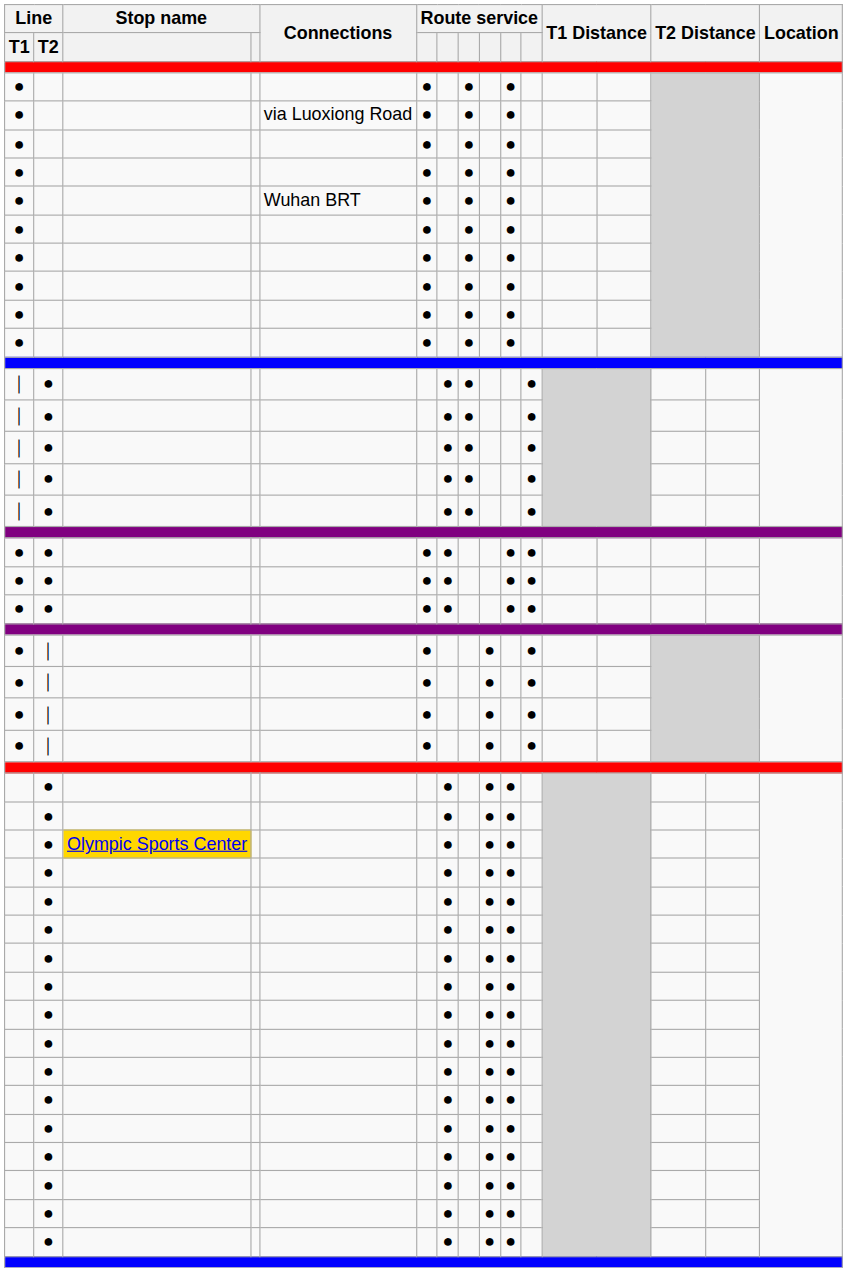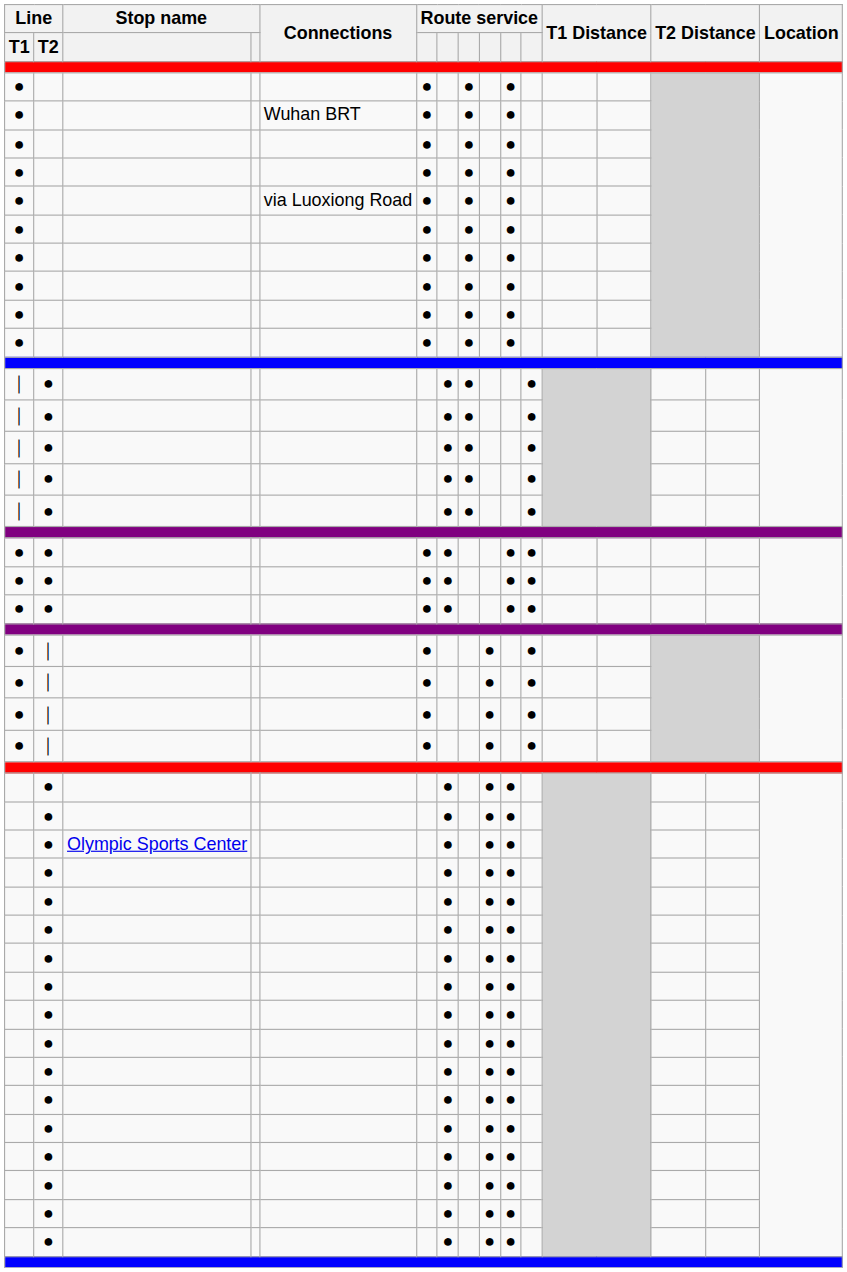 <table class="wikitable">
 <tr>
 <th colspan="2">Line</th>
 <th colspan="2">Stop name</th>
 <th rowspan="2">Connections</th>
 <th colspan="6">Route service</th>
 <th colspan="2" rowspan="2">T1 Distance<br></th>
 <th colspan="2" rowspan="2">T2 Distance<br></th>
 <th rowspan="2">Location</th>
 </tr>
 <tr>
 <th>T1</th>
 <th>T2</th>
 <th></th>
 <th></th>
 <th></th>
 <th></th>
 <th></th>
 <th></th>
 <th></th>
 <th></th>
 </tr>
 <tr>
 <td colspan = "16" style = "background:red; height: 2pt"></td>
 </tr>
 <tr>
 <td align="center">●</td>
 <td align="center"></td>
 <td></td>
 <td></td>
 <td> </td>
 <td align="center">●</td>
 <td align="center"></td>
 <td align="center">●</td>
 <td align="center"></td>
 <td align="center">●</td>
 <td align="center"></td>
 <td></td>
 <td></td>
 <td colspan="2" rowspan="10" bgcolor="lightgrey"></td>
 </tr>
 <tr>
 <td align="center">●</td>
 <td align="center"></td>
 <td></td>
 <td></td>
-<td>  via Luoxiong Road</td>
+<td> Wuhan BRT</td>
 <td align="center">●</td>
 <td align="center"></td>
 <td align="center">●</td>
 <td align="center"></td>
 <td align="center">●</td>
 <td align="center"></td>
 <td></td>
 <td></td>
 </tr>
 <tr>
 <td align="center">●</td>
 <td align="center"></td>
 <td></td>
 <td></td>
 <td></td>
 <td align="center">●</td>
 <td align="center"></td>
 <td align="center">●</td>
 <td align="center"></td>
 <td align="center">●</td>
 <td align="center"></td>
 <td></td>
 <td></td>
 </tr>
 <tr>
 <td align="center">●</td>
 <td align="center"></td>
 <td></td>
 <td></td>
 <td></td>
 <td align="center">●</td>
 <td align="center"></td>
 <td align="center">●</td>
 <td align="center"></td>
 <td align="center">●</td>
 <td align="center"></td>
 <td></td>
 <td></td>
 </tr>
 <tr>
 <td align="center">●</td>
 <td align="center"></td>
 <td></td>
 <td></td>
-<td> Wuhan BRT</td>
+<td>  via Luoxiong Road</td>
 <td align="center">●</td>
 <td align="center"></td>
 <td align="center">●</td>
 <td align="center"></td>
 <td align="center">●</td>
 <td align="center"></td>
 <td></td>
 <td></td>
 </tr>
 <tr>
 <td align="center">●</td>
 <td align="center"></td>
 <td></td>
 <td></td>
 <td></td>
 <td align="center">●</td>
 <td align="center"></td>
 <td align="center">●</td>
 <td align="center"></td>
 <td align="center">●</td>
 <td align="center"></td>
 <td></td>
 <td></td>
 </tr>
 <tr>
 <td align="center">●</td>
 <td align="center"></td>
 <td></td>
 <td></td>
 <td></td>
 <td align="center">●</td>
 <td align="center"></td>
 <td align="center">●</td>
 <td align="center"></td>
 <td align="center">●</td>
 <td align="center"></td>
 <td></td>
 <td></td>
 </tr>
 <tr>
 <td align="center">●</td>
 <td align="center"></td>
 <td></td>
 <td></td>
 <td></td>
 <td align="center">●</td>
 <td align="center"></td>
 <td align="center">●</td>
 <td align="center"></td>
 <td align="center">●</td>
 <td align="center"></td>
 <td></td>
 <td></td>
 </tr>
 <tr>
 <td align="center">●</td>
 <td align="center"></td>
 <td></td>
 <td></td>
 <td></td>
 <td align="center">●</td>
 <td align="center"></td>
 <td align="center">●</td>
 <td align="center"></td>
 <td align="center">●</td>
 <td align="center"></td>
 <td></td>
 <td></td>
 </tr>
 <tr>
 <td align="center">●</td>
 <td align="center"></td>
 <td></td>
 <td></td>
 <td></td>
 <td align="center">●</td>
 <td align="center"></td>
 <td align="center">●</td>
 <td align="center"></td>
 <td align="center">●</td>
 <td align="center"></td>
 <td></td>
 <td></td>
 </tr>
 <tr>
 <td colspan = "16" style = "background:blue; height: 2pt"></td>
 </tr>
 <tr>
 <td align="center">｜</td>
 <td align="center">●</td>
 <td></td>
 <td></td>
 <td></td>
 <td align="center"></td>
 <td align="center">●</td>
 <td align="center">●</td>
 <td align="center"></td>
 <td align="center"></td>
 <td align="center">●</td>
 <td colspan="2" rowspan="5" bgcolor="lightgrey"></td>
 <td></td>
 <td></td>
 </tr>
 <tr>
 <td align="center">｜</td>
 <td align="center">●</td>
 <td></td>
 <td></td>
 <td></td>
 <td align="center"></td>
 <td align="center">●</td>
 <td align="center">●</td>
 <td align="center"></td>
 <td align="center"></td>
 <td align="center">●</td>
 <td></td>
 <td></td>
 </tr>
 <tr>
 <td align="center">｜</td>
 <td align="center">●</td>
 <td></td>
 <td></td>
 <td></td>
 <td align="center"></td>
 <td align="center">●</td>
 <td align="center">●</td>
 <td align="center"></td>
 <td align="center"></td>
 <td align="center">●</td>
 <td></td>
 <td></td>
 </tr>
 <tr>
 <td align="center">｜</td>
 <td align="center">●</td>
 <td></td>
 <td></td>
 <td></td>
 <td align="center"></td>
 <td align="center">●</td>
 <td align="center">●</td>
 <td align="center"></td>
 <td align="center"></td>
 <td align="center">●</td>
 <td></td>
 <td></td>
 </tr>
 <tr>
 <td align="center">｜</td>
 <td align="center">●</td>
 <td></td>
 <td></td>
 <td></td>
 <td align="center"></td>
 <td align="center">●</td>
 <td align="center">●</td>
 <td align="center"></td>
 <td align="center"></td>
 <td align="center">●</td>
 <td></td>
 <td></td>
 </tr>
 <tr>
 <td colspan = "16" style = "background:purple; height: 2pt"></td>
 </tr>
 <tr>
 <td align="center">●</td>
 <td align="center">●</td>
 <td></td>
 <td></td>
 <td></td>
 <td align="center">●</td>
 <td align="center">●</td>
 <td align="center"></td>
 <td align="center"></td>
 <td align="center">●</td>
 <td align="center">●</td>
 <td></td>
 <td></td>
 <td></td>
 <td></td>
 </tr>
 <tr>
 <td align="center">●</td>
 <td align="center">●</td>
 <td></td>
 <td></td>
 <td></td>
 <td align="center">●</td>
 <td align="center">●</td>
 <td align="center"></td>
 <td align="center"></td>
 <td align="center">●</td>
 <td align="center">●</td>
 <td></td>
 <td></td>
 <td></td>
 <td></td>
 </tr>
 <tr>
 <td align="center">●</td>
 <td align="center">●</td>
 <td></td>
 <td></td>
 <td></td>
 <td align="center">●</td>
 <td align="center">●</td>
 <td align="center"></td>
 <td align="center"></td>
 <td align="center">●</td>
 <td align="center">●</td>
 <td></td>
 <td></td>
 <td></td>
 <td></td>
 </tr>
 <tr>
 <td colspan = "16" style = "background:purple; height: 2pt"></td>
 </tr>
 <tr>
 <td align="center">●</td>
 <td align="center">｜</td>
 <td></td>
 <td></td>
 <td></td>
 <td align="center">●</td>
 <td align="center"></td>
 <td align="center"></td>
 <td align="center">●</td>
 <td align="center"></td>
 <td align="center">●</td>
 <td></td>
 <td></td>
 <td colspan="2" rowspan="4" bgcolor="lightgrey"></td>
 </tr>
 <tr>
 <td align="center">●</td>
 <td align="center">｜</td>
 <td></td>
 <td></td>
 <td></td>
 <td align="center">●</td>
 <td align="center"></td>
 <td align="center"></td>
 <td align="center">●</td>
 <td align="center"></td>
 <td align="center">●</td>
 <td></td>
 <td></td>
 </tr>
 <tr>
 <td align="center">●</td>
 <td align="center">｜</td>
 <td></td>
 <td></td>
 <td></td>
 <td align="center">●</td>
 <td align="center"></td>
 <td align="center"></td>
 <td align="center">●</td>
 <td align="center"></td>
 <td align="center">●</td>
 <td></td>
 <td></td>
 </tr>
 <tr>
 <td align="center">●</td>
 <td align="center">｜</td>
 <td></td>
 <td></td>
 <td> </td>
 <td align="center">●</td>
 <td align="center"></td>
 <td align="center"></td>
 <td align="center">●</td>
 <td align="center"></td>
 <td align="center">●</td>
 <td></td>
 <td></td>
 </tr>
 <tr>
 <td colspan = "16" style = "background:red; height: 2pt"></td>
 </tr>
 <tr>
 <td align="center"></td>
 <td align="center">●</td>
 <td></td>
 <td></td>
 <td></td>
 <td align="center"></td>
 <td align="center">●</td>
 <td align="center"></td>
 <td align="center">●</td>
 <td align="center">●</td>
 <td align="center"></td>
 <td colspan="2" rowspan="17" bgcolor="lightgrey"></td>
 <td></td>
 <td></td>
 </tr>
 <tr>
 <td align="center"></td>
 <td align="center">●</td>
 <td></td>
 <td></td>
 <td></td>
 <td align="center"></td>
 <td align="center">●</td>
 <td align="center"></td>
 <td align="center">●</td>
 <td align="center">●</td>
 <td align="center"></td>
 <td></td>
 <td></td>
 </tr>
 <tr>
 <td align="center"></td>
 <td align="center">●</td>
-<td style="background: gold;"><a href='#'>Olympic Sports Center</a></td>
+<td><a href='#'>Olympic Sports Center</a></td>
 <td></td>
 <td></td>
 <td align="center"></td>
 <td align="center">●</td>
 <td align="center"></td>
 <td align="center">●</td>
 <td align="center">●</td>
 <td align="center"></td>
 <td></td>
 <td></td>
 </tr>
 <tr>
 <td align="center"></td>
 <td align="center">●</td>
 <td></td>
 <td></td>
 <td></td>
 <td align="center"></td>
 <td align="center">●</td>
 <td align="center"></td>
 <td align="center">●</td>
 <td align="center">●</td>
 <td align="center"></td>
 <td></td>
 <td></td>
 </tr>
 <tr>
 <td align="center"></td>
 <td align="center">●</td>
 <td></td>
 <td></td>
 <td></td>
 <td align="center"></td>
 <td align="center">●</td>
 <td align="center"></td>
 <td align="center">●</td>
 <td align="center">●</td>
 <td align="center"></td>
 <td></td>
 <td></td>
 </tr>
 <tr>
 <td align="center"></td>
 <td align="center">●</td>
 <td></td>
 <td></td>
 <td></td>
 <td align="center"></td>
 <td align="center">●</td>
 <td align="center"></td>
 <td align="center">●</td>
 <td align="center">●</td>
 <td align="center"></td>
 <td></td>
 <td></td>
 </tr>
 <tr>
 <td align="center"></td>
 <td align="center">●</td>
 <td></td>
 <td></td>
 <td></td>
 <td align="center"></td>
 <td align="center">●</td>
 <td align="center"></td>
 <td align="center">●</td>
 <td align="center">●</td>
 <td align="center"></td>
 <td></td>
 <td></td>
 </tr>
 <tr>
 <td align="center"></td>
 <td align="center">●</td>
 <td></td>
 <td></td>
 <td></td>
 <td align="center"></td>
 <td align="center">●</td>
 <td align="center"></td>
 <td align="center">●</td>
 <td align="center">●</td>
 <td align="center"></td>
 <td></td>
 <td></td>
 </tr>
 <tr>
 <td align="center"></td>
 <td align="center">●</td>
 <td></td>
 <td></td>
 <td></td>
 <td align="center"></td>
 <td align="center">●</td>
 <td align="center"></td>
 <td align="center">●</td>
 <td align="center">●</td>
 <td align="center"></td>
 <td></td>
 <td></td>
 </tr>
 <tr>
 <td align="center"></td>
 <td align="center">●</td>
 <td></td>
 <td></td>
 <td></td>
 <td align="center"></td>
 <td align="center">●</td>
 <td align="center"></td>
 <td align="center">●</td>
 <td align="center">●</td>
 <td align="center"></td>
 <td></td>
 <td></td>
 </tr>
 <tr>
 <td align="center"></td>
 <td align="center">●</td>
 <td></td>
 <td></td>
 <td></td>
 <td align="center"></td>
 <td align="center">●</td>
 <td align="center"></td>
 <td align="center">●</td>
 <td align="center">●</td>
 <td align="center"></td>
 <td></td>
 <td></td>
 </tr>
 <tr>
 <td align="center"></td>
 <td align="center">●</td>
 <td></td>
 <td></td>
 <td></td>
 <td align="center"></td>
 <td align="center">●</td>
 <td align="center"></td>
 <td align="center">●</td>
 <td align="center">●</td>
 <td align="center"></td>
 <td></td>
 <td></td>
 </tr>
 <tr>
 <td align="center"></td>
 <td align="center">●</td>
 <td></td>
 <td></td>
 <td></td>
 <td align="center"></td>
 <td align="center">●</td>
 <td align="center"></td>
 <td align="center">●</td>
 <td align="center">●</td>
 <td align="center"></td>
 <td></td>
 <td></td>
 </tr>
 <tr>
 <td align="center"></td>
 <td align="center">●</td>
 <td></td>
 <td></td>
 <td> </td>
 <td align="center"></td>
 <td align="center">●</td>
 <td align="center"></td>
 <td align="center">●</td>
 <td align="center">●</td>
 <td align="center"></td>
 <td></td>
 <td></td>
 </tr>
 <tr>
 <td align="center"></td>
 <td align="center">●</td>
 <td></td>
 <td></td>
 <td></td>
 <td align="center"></td>
 <td align="center">●</td>
 <td align="center"></td>
 <td align="center">●</td>
 <td align="center">●</td>
 <td align="center"></td>
 <td></td>
 <td></td>
 </tr>
 <tr>
 <td align="center"></td>
 <td align="center">●</td>
 <td></td>
 <td></td>
 <td></td>
 <td align="center"></td>
 <td align="center">●</td>
 <td align="center"></td>
 <td align="center">●</td>
 <td align="center">●</td>
 <td align="center"></td>
 <td></td>
 <td></td>
 </tr>
 <tr>
 <td align="center"></td>
 <td align="center">●</td>
 <td></td>
 <td></td>
 <td></td>
 <td align="center"></td>
 <td align="center">●</td>
 <td align="center"></td>
 <td align="center">●</td>
 <td align="center">●</td>
 <td align="center"></td>
 <td></td>
 <td></td>
 </tr>
 <tr>
 <td colspan = "16" style = "background:blue; height: 2pt"></td>
 </tr>
 </table>
